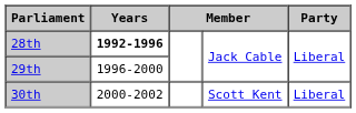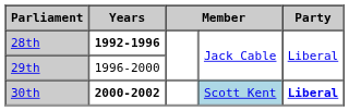 <table border=1 cellpadding=5 cellspacing=0>
 <tr bgcolor="CCCCCC">
 <th>Parliament</th>
 <th>Years</th>
 <th colspan="2">Member</th>
 <th>Party</th>
 </tr>
 <tr>
 <td bgcolor="CCCCCC"><a href='#'>28th</a></td>
 <td><strong>1992-1996</strong></td>
 <td rowspan="2" >   </td>
 <td rowspan="2"><a href='#'>Jack Cable</a></td>
 <td rowspan="2"><a href='#'>Liberal</a></td>
 </tr>
 <tr>
 <td bgcolor="CCCCCC"><a href='#'>29th</a></td>
 <td>1996-2000</td>
 </tr>
 <tr>
 <td bgcolor="CCCCCC"><a href='#'>30th</a></td>
-<td>2000-2002</td>
+<td><strong>2000-2002</strong></td>
 <td>   </td>
-<td><a href='#'>Scott Kent</a></td>
-<td><a href='#'>Liberal</a></td>
+<td style="background: lightblue;"><a href='#'>Scott Kent</a></td>
+<td><strong><a href='#'>Liberal</a></strong></td>
 </tr>
 </table>
